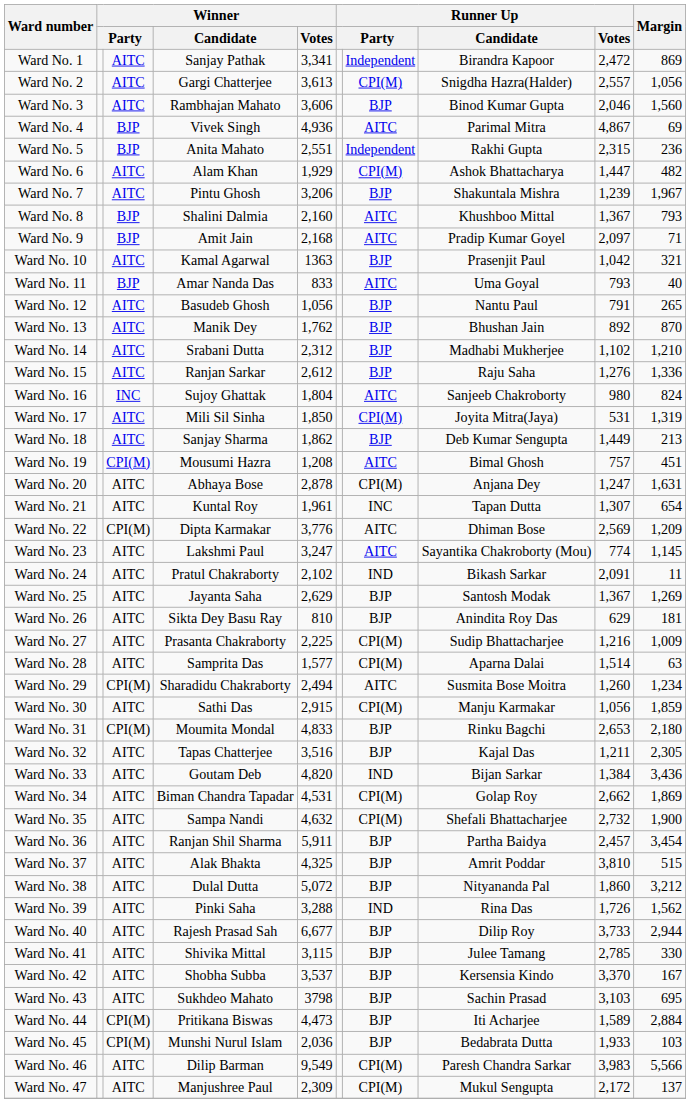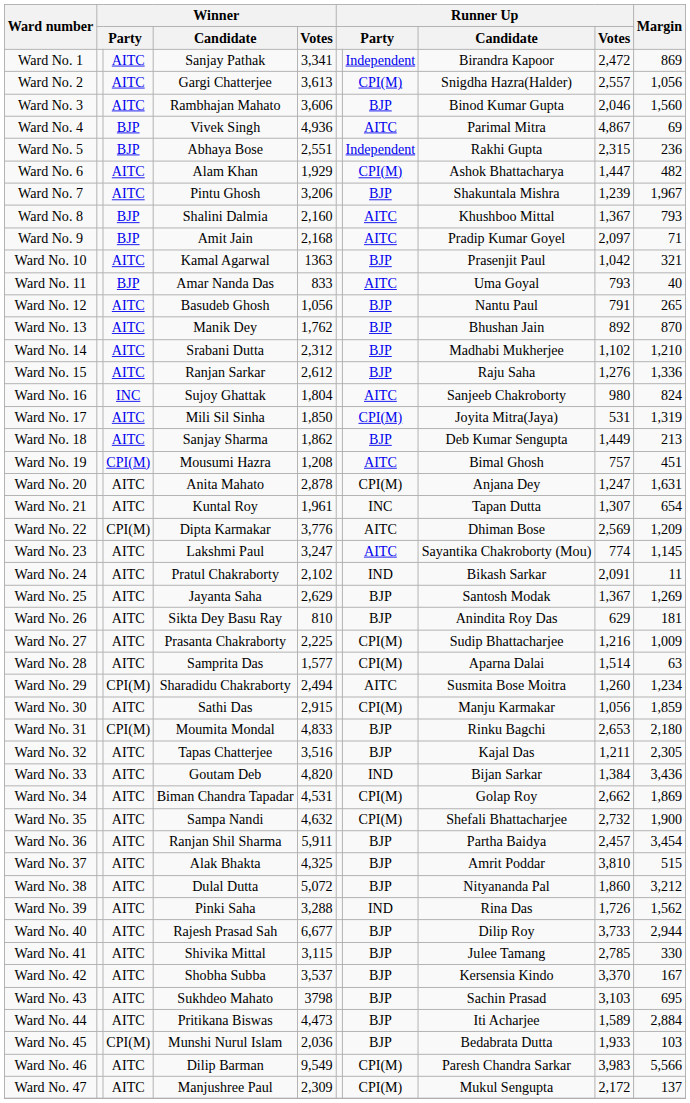 <table class="wikitable sortable" style="text-align:center;">
 <tr>
 <th colspan="1" rowspan="2">Ward number</th>
 <th colspan="4">Winner</th>
 <th colspan="4">Runner Up</th>
 <th rowspan="2">Margin</th>
 </tr>
 <tr>
 <th colspan="2">Party</th>
 <th>Candidate</th>
 <th>Votes</th>
 <th colspan="2">Party</th>
 <th>Candidate</th>
 <th>Votes</th>
 </tr>
 <tr>
 <td>Ward No. 1</td>
 <td style="background-color: "></td>
 <td><a href='#'>AITC</a></td>
 <td>Sanjay Pathak</td>
 <td style="text-align:right">3,341</td>
 <td style="background-color: "></td>
 <td><a href='#'>Independent</a></td>
 <td>Birandra Kapoor</td>
 <td style="text-align:right">2,472</td>
 <td style="text-align:right">869</td>
 </tr>
 <tr>
 <td>Ward No. 2</td>
 <td style="background-color: "></td>
 <td><a href='#'>AITC</a></td>
 <td>Gargi Chatterjee</td>
 <td style="text-align:right">3,613</td>
 <td style="background-color: "></td>
 <td><a href='#'>CPI(M)</a></td>
 <td>Snigdha Hazra(Halder)</td>
 <td style="text-align:right">2,557</td>
 <td style="text-align:right">1,056</td>
 </tr>
 <tr>
 <td>Ward No. 3</td>
 <td style="background-color: "></td>
 <td><a href='#'>AITC</a></td>
 <td>Rambhajan Mahato</td>
 <td style="text-align:right">3,606</td>
 <td style="background-color: "></td>
 <td><a href='#'>BJP</a></td>
 <td>Binod Kumar Gupta</td>
 <td style="text-align:right">2,046</td>
 <td style="text-align:right">1,560</td>
 </tr>
 <tr>
 <td>Ward No. 4</td>
 <td style="background-color: "></td>
 <td><a href='#'>BJP</a></td>
 <td>Vivek Singh</td>
 <td style="text-align:right">4,936</td>
 <td style="background-color: "></td>
 <td><a href='#'>AITC</a></td>
 <td>Parimal Mitra</td>
 <td style="text-align:right">4,867</td>
 <td style="text-align:right">69</td>
 </tr>
 <tr>
 <td>Ward No. 5</td>
 <td style="background-color: "></td>
 <td><a href='#'>BJP</a></td>
-<td>Anita Mahato</td>
+<td>Abhaya Bose</td>
 <td style="text-align:right">2,551</td>
 <td style="background-color: "></td>
 <td><a href='#'>Independent</a></td>
 <td>Rakhi Gupta</td>
 <td style="text-align:right">2,315</td>
 <td style="text-align:right">236</td>
 </tr>
 <tr>
 <td>Ward No. 6</td>
 <td style="background-color: "></td>
 <td><a href='#'>AITC</a></td>
 <td>Alam Khan</td>
 <td style="text-align:right">1,929</td>
 <td style="background-color: "></td>
 <td><a href='#'>CPI(M)</a></td>
 <td>Ashok Bhattacharya</td>
 <td style="text-align:right">1,447</td>
 <td style="text-align:right">482</td>
 </tr>
 <tr>
 <td>Ward No. 7</td>
 <td style="background-color: "></td>
 <td><a href='#'>AITC</a></td>
 <td>Pintu Ghosh</td>
 <td style="text-align:right">3,206</td>
 <td style="background-color: "></td>
 <td><a href='#'>BJP</a></td>
 <td>Shakuntala Mishra</td>
 <td style="text-align:right">1,239</td>
 <td style="text-align:right">1,967</td>
 </tr>
 <tr>
 <td>Ward No. 8</td>
 <td style="background-color: "></td>
 <td><a href='#'>BJP</a></td>
 <td>Shalini Dalmia</td>
 <td style="text-align:right">2,160</td>
 <td style="background-color: "></td>
 <td><a href='#'>AITC</a></td>
 <td>Khushboo Mittal</td>
 <td style="text-align:right">1,367</td>
 <td style="text-align:right">793</td>
 </tr>
 <tr>
 <td>Ward No. 9</td>
 <td style="background-color: "></td>
 <td><a href='#'>BJP</a></td>
 <td>Amit Jain</td>
 <td style="text-align:right">2,168</td>
 <td style="background-color: "></td>
 <td><a href='#'>AITC</a></td>
 <td>Pradip Kumar Goyel</td>
 <td style="text-align:right">2,097</td>
 <td style="text-align:right">71</td>
 </tr>
 <tr>
 <td>Ward No. 10</td>
 <td style="background-color: "></td>
 <td><a href='#'>AITC</a></td>
 <td>Kamal Agarwal</td>
 <td style="text-align:right">1363</td>
 <td style="background-color: "></td>
 <td><a href='#'>BJP</a></td>
 <td>Prasenjit Paul</td>
 <td style="text-align:right">1,042</td>
 <td style="text-align:right">321</td>
 </tr>
 <tr>
 <td>Ward No. 11</td>
 <td style="background-color: "></td>
 <td><a href='#'>BJP</a></td>
 <td>Amar Nanda Das</td>
 <td style="text-align:right">833</td>
 <td style="background-color: "></td>
 <td><a href='#'>AITC</a></td>
 <td>Uma Goyal</td>
 <td style="text-align:right">793</td>
 <td style="text-align:right">40</td>
 </tr>
 <tr>
 <td>Ward No. 12</td>
 <td style="background-color: "></td>
 <td><a href='#'>AITC</a></td>
 <td>Basudeb Ghosh</td>
 <td style="text-align:right">1,056</td>
 <td style="background-color: "></td>
 <td><a href='#'>BJP</a></td>
 <td>Nantu Paul</td>
 <td style="text-align:right">791</td>
 <td style="text-align:right">265</td>
 </tr>
 <tr>
 <td>Ward No. 13</td>
 <td style="background-color: "></td>
 <td><a href='#'>AITC</a></td>
 <td>Manik Dey</td>
 <td style="text-align:right">1,762</td>
 <td style="background-color: "></td>
 <td><a href='#'>BJP</a></td>
 <td>Bhushan Jain</td>
 <td style="text-align:right">892</td>
 <td style="text-align:right">870</td>
 </tr>
 <tr>
 <td>Ward No. 14</td>
 <td style="background-color: "></td>
 <td><a href='#'>AITC</a></td>
 <td>Srabani Dutta</td>
 <td style="text-align:right">2,312</td>
 <td style="background-color: "></td>
 <td><a href='#'>BJP</a></td>
 <td>Madhabi Mukherjee</td>
 <td style="text-align:right">1,102</td>
 <td style="text-align:right">1,210</td>
 </tr>
 <tr>
 <td>Ward No. 15</td>
 <td style="background-color: "></td>
 <td><a href='#'>AITC</a></td>
 <td>Ranjan Sarkar</td>
 <td style="text-align:right">2,612</td>
 <td style="background-color: "></td>
 <td><a href='#'>BJP</a></td>
 <td>Raju Saha</td>
 <td style="text-align:right">1,276</td>
 <td style="text-align:right">1,336</td>
 </tr>
 <tr>
 <td>Ward No. 16</td>
 <td style="background-color: "></td>
 <td><a href='#'>INC</a></td>
 <td>Sujoy Ghattak</td>
 <td style="text-align:right">1,804</td>
 <td style="background-color: "></td>
 <td><a href='#'>AITC</a></td>
 <td>Sanjeeb Chakroborty</td>
 <td style="text-align:right">980</td>
 <td style="text-align:right">824</td>
 </tr>
 <tr>
 <td>Ward No. 17</td>
 <td style="background-color: "></td>
 <td><a href='#'>AITC</a></td>
 <td>Mili Sil Sinha</td>
 <td style="text-align:right">1,850</td>
 <td style="background-color: "></td>
 <td><a href='#'>CPI(M)</a></td>
 <td>Joyita Mitra(Jaya)</td>
 <td style="text-align:right">531</td>
 <td style="text-align:right">1,319</td>
 </tr>
 <tr>
 <td>Ward No. 18</td>
 <td style="background-color: "></td>
 <td><a href='#'>AITC</a></td>
 <td>Sanjay Sharma</td>
 <td style="text-align:right">1,862</td>
 <td style="background-color: "></td>
 <td><a href='#'>BJP</a></td>
 <td>Deb Kumar Sengupta</td>
 <td style="text-align:right">1,449</td>
 <td style="text-align:right">213</td>
 </tr>
 <tr>
 <td>Ward No. 19</td>
 <td style="background-color: "></td>
 <td><a href='#'>CPI(M)</a></td>
 <td>Mousumi Hazra</td>
 <td style="text-align:right">1,208</td>
 <td style="background-color: "></td>
 <td><a href='#'>AITC</a></td>
 <td>Bimal Ghosh</td>
 <td style="text-align:right">757</td>
 <td style="text-align:right">451</td>
 </tr>
 <tr>
 <td>Ward No. 20</td>
 <td style="background-color: "></td>
 <td>AITC</td>
-<td>Abhaya Bose</td>
+<td>Anita Mahato</td>
 <td style="text-align:right">2,878</td>
 <td style="background-color: "></td>
 <td>CPI(M)</td>
 <td>Anjana Dey</td>
 <td style="text-align:right">1,247</td>
 <td style="text-align:right">1,631</td>
 </tr>
 <tr>
 <td>Ward No. 21</td>
 <td style="background-color: "></td>
 <td>AITC</td>
 <td>Kuntal Roy</td>
 <td style="text-align:right">1,961</td>
 <td style="background-color: "></td>
 <td>INC</td>
 <td>Tapan Dutta</td>
 <td style="text-align:right">1,307</td>
 <td style="text-align:right">654</td>
 </tr>
 <tr>
 <td>Ward No. 22</td>
 <td style="background-color: "></td>
 <td>CPI(M)</td>
 <td>Dipta Karmakar</td>
 <td style="text-align:right">3,776</td>
 <td style="background-color: "></td>
 <td>AITC</td>
 <td>Dhiman Bose</td>
 <td style="text-align:right">2,569</td>
 <td style="text-align:right">1,209</td>
 </tr>
 <tr>
 <td>Ward No. 23</td>
 <td style="background-color: "></td>
 <td>AITC</td>
 <td>Lakshmi Paul</td>
 <td style="text-align:right">3,247</td>
 <td style="background-color: "></td>
 <td><a href='#'>AITC</a></td>
 <td>Sayantika Chakroborty (Mou)</td>
 <td style="text-align:right">774</td>
 <td style="text-align:right">1,145</td>
 </tr>
 <tr>
 <td>Ward No. 24</td>
 <td style="background-color: "></td>
 <td>AITC</td>
 <td>Pratul Chakraborty</td>
 <td style="text-align:right">2,102</td>
 <td style="background-color: "></td>
 <td>IND</td>
 <td>Bikash Sarkar</td>
 <td style="text-align:right">2,091</td>
 <td style="text-align:right">11</td>
 </tr>
 <tr>
 <td>Ward No. 25</td>
 <td style="background-color: "></td>
 <td>AITC</td>
 <td>Jayanta Saha</td>
 <td style="text-align:right">2,629</td>
 <td style="background-color: "></td>
 <td>BJP</td>
 <td>Santosh Modak</td>
 <td style="text-align:right">1,367</td>
 <td style="text-align:right">1,269</td>
 </tr>
 <tr>
 <td>Ward No. 26</td>
 <td style="background-color: "></td>
 <td>AITC</td>
 <td>Sikta Dey Basu Ray</td>
 <td style="text-align:right">810</td>
 <td style="background-color: "></td>
 <td>BJP</td>
 <td>Anindita Roy Das</td>
 <td style="text-align:right">629</td>
 <td style="text-align:right">181</td>
 </tr>
 <tr>
 <td>Ward No. 27</td>
 <td style="background-color: "></td>
 <td>AITC</td>
 <td>Prasanta Chakraborty</td>
 <td style="text-align:right">2,225</td>
 <td style="background-color: "></td>
 <td>CPI(M)</td>
 <td>Sudip Bhattacharjee</td>
 <td style="text-align:right">1,216</td>
 <td style="text-align:right">1,009</td>
 </tr>
 <tr>
 <td>Ward No. 28</td>
 <td style="background-color: "></td>
 <td>AITC</td>
 <td>Samprita Das</td>
 <td style="text-align:right">1,577</td>
 <td style="background-color: "></td>
 <td>CPI(M)</td>
 <td>Aparna Dalai</td>
 <td style="text-align:right">1,514</td>
 <td style="text-align:right">63</td>
 </tr>
 <tr>
 <td>Ward No. 29</td>
 <td style="background-color: "></td>
 <td>CPI(M)</td>
 <td>Sharadidu Chakraborty</td>
 <td style="text-align:right">2,494</td>
 <td style="background-color: "></td>
 <td>AITC</td>
 <td>Susmita Bose Moitra</td>
 <td style="text-align:right">1,260</td>
 <td style="text-align:right">1,234</td>
 </tr>
 <tr>
 <td>Ward No. 30</td>
 <td style="background-color: "></td>
 <td>AITC</td>
 <td>Sathi Das</td>
 <td style="text-align:right">2,915</td>
 <td style="background-color: "></td>
 <td>CPI(M)</td>
 <td>Manju Karmakar</td>
 <td style="text-align:right">1,056</td>
 <td style="text-align:right">1,859</td>
 </tr>
 <tr>
 <td>Ward No. 31</td>
 <td style="background-color: "></td>
 <td>CPI(M)</td>
 <td>Moumita Mondal</td>
 <td style="text-align:right">4,833</td>
 <td style="background-color: "></td>
 <td>BJP</td>
 <td>Rinku Bagchi</td>
 <td style="text-align:right">2,653</td>
 <td style="text-align:right">2,180</td>
 </tr>
 <tr>
 <td>Ward No. 32</td>
 <td style="background-color: "></td>
 <td>AITC</td>
 <td>Tapas Chatterjee</td>
 <td style="text-align:right">3,516</td>
 <td style="background-color: "></td>
 <td>BJP</td>
 <td>Kajal Das</td>
 <td style="text-align:right">1,211</td>
 <td style="text-align:right">2,305</td>
 </tr>
 <tr>
 <td>Ward No. 33</td>
 <td style="background-color: "></td>
 <td>AITC</td>
 <td>Goutam Deb</td>
 <td style="text-align:right">4,820</td>
 <td style="background-color: "></td>
 <td>IND</td>
 <td>Bijan Sarkar</td>
 <td style="text-align:right">1,384</td>
 <td style="text-align:right">3,436</td>
 </tr>
 <tr>
 <td>Ward No. 34</td>
 <td style="background-color: "></td>
 <td>AITC</td>
 <td>Biman Chandra Tapadar</td>
 <td style="text-align:right">4,531</td>
 <td style="background-color: "></td>
 <td>CPI(M)</td>
 <td>Golap Roy</td>
 <td style="text-align:right">2,662</td>
 <td style="text-align:right">1,869</td>
 </tr>
 <tr>
 <td>Ward No. 35</td>
 <td style="background-color: "></td>
 <td>AITC</td>
 <td>Sampa Nandi</td>
 <td style="text-align:right">4,632</td>
 <td style="background-color: "></td>
 <td>CPI(M)</td>
 <td>Shefali Bhattacharjee</td>
 <td style="text-align:right">2,732</td>
 <td style="text-align:right">1,900</td>
 </tr>
 <tr>
 <td>Ward No. 36</td>
 <td style="background-color: "></td>
 <td>AITC</td>
 <td>Ranjan Shil Sharma</td>
 <td style="text-align:right">5,911</td>
 <td style="background-color: "></td>
 <td>BJP</td>
 <td>Partha Baidya</td>
 <td style="text-align:right">2,457</td>
 <td style="text-align:right">3,454</td>
 </tr>
 <tr>
 <td>Ward No. 37</td>
 <td style="background-color: "></td>
 <td>AITC</td>
 <td>Alak Bhakta</td>
 <td style="text-align:right">4,325</td>
 <td style="background-color: "></td>
 <td>BJP</td>
 <td>Amrit Poddar</td>
 <td style="text-align:right">3,810</td>
 <td style="text-align:right">515</td>
 </tr>
 <tr>
 <td>Ward No. 38</td>
 <td style="background-color: "></td>
 <td>AITC</td>
 <td>Dulal Dutta</td>
 <td style="text-align:right">5,072</td>
 <td style="background-color: "></td>
 <td>BJP</td>
 <td>Nityananda Pal</td>
 <td style="text-align:right">1,860</td>
 <td style="text-align:right">3,212</td>
 </tr>
 <tr>
 <td>Ward No. 39</td>
 <td style="background-color: "></td>
 <td>AITC</td>
 <td>Pinki Saha</td>
 <td style="text-align:right">3,288</td>
 <td style="background-color: "></td>
 <td>IND</td>
 <td>Rina Das</td>
 <td style="text-align:right">1,726</td>
 <td style="text-align:right">1,562</td>
 </tr>
 <tr>
 <td>Ward No. 40</td>
 <td style="background-color: "></td>
 <td>AITC</td>
 <td>Rajesh Prasad Sah</td>
 <td style="text-align:right">6,677</td>
 <td style="background-color: "></td>
 <td>BJP</td>
 <td>Dilip Roy</td>
 <td style="text-align:right">3,733</td>
 <td style="text-align:right">2,944</td>
 </tr>
 <tr>
 <td>Ward No. 41</td>
 <td style="background-color: "></td>
 <td>AITC</td>
 <td>Shivika Mittal</td>
 <td style="text-align:right">3,115</td>
 <td style="background-color: "></td>
 <td>BJP</td>
 <td>Julee Tamang</td>
 <td style="text-align:right">2,785</td>
 <td style="text-align:right">330</td>
 </tr>
 <tr>
 <td>Ward No. 42</td>
 <td style="background-color: "></td>
 <td>AITC</td>
 <td>Shobha Subba</td>
 <td style="text-align:right">3,537</td>
 <td style="background-color: "></td>
 <td>BJP</td>
 <td>Kersensia Kindo</td>
 <td style="text-align:right">3,370</td>
 <td style="text-align:right">167</td>
 </tr>
 <tr>
 <td>Ward No. 43</td>
 <td style="background-color: "></td>
 <td>AITC</td>
 <td>Sukhdeo Mahato</td>
 <td style="text-align:right">3798</td>
 <td style="background-color: "></td>
 <td>BJP</td>
 <td>Sachin Prasad</td>
 <td style="text-align:right">3,103</td>
 <td style="text-align:right">695</td>
 </tr>
 <tr>
 <td>Ward No. 44</td>
 <td style="background-color: "></td>
-<td>CPI(M)</td>
+<td>AITC</td>
 <td>Pritikana Biswas</td>
 <td style="text-align:right">4,473</td>
 <td style="background-color: "></td>
 <td>BJP</td>
 <td>Iti Acharjee</td>
 <td style="text-align:right">1,589</td>
 <td style="text-align:right">2,884</td>
 </tr>
 <tr>
 <td>Ward No. 45</td>
 <td style="background-color: "></td>
 <td>CPI(M)</td>
 <td>Munshi Nurul Islam</td>
 <td style="text-align:right">2,036</td>
 <td style="background-color: "></td>
 <td>BJP</td>
 <td>Bedabrata Dutta</td>
 <td style="text-align:right">1,933</td>
 <td style="text-align:right">103</td>
 </tr>
 <tr>
 <td>Ward No. 46</td>
 <td style="background-color: "></td>
 <td>AITC</td>
 <td>Dilip Barman</td>
 <td style="text-align:right">9,549</td>
 <td style="background-color: "></td>
 <td>CPI(M)</td>
 <td>Paresh Chandra Sarkar</td>
 <td style="text-align:right">3,983</td>
 <td style="text-align:right">5,566</td>
 </tr>
 <tr>
 <td>Ward No. 47</td>
 <td style="background-color: "></td>
 <td>AITC</td>
 <td>Manjushree Paul</td>
 <td style="text-align:right">2,309</td>
 <td style="background-color: "></td>
 <td>CPI(M)</td>
 <td>Mukul Sengupta</td>
 <td style="text-align:right">2,172</td>
 <td style="text-align:right">137</td>
 </tr>
 <tr>
 </tr>
 </table>
